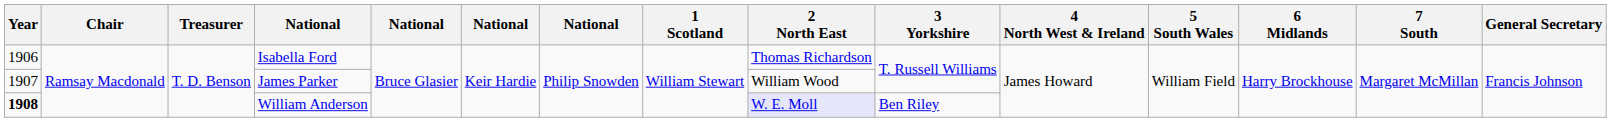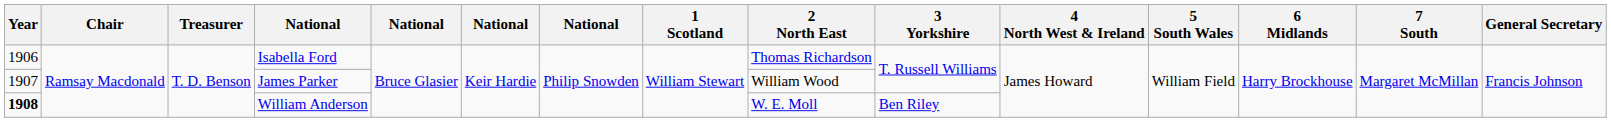 <table class="wikitable">
 <tr>
 <th>Year</th>
 <th>Chair</th>
 <th>Treasurer</th>
 <th>National</th>
 <th>National</th>
 <th>National</th>
 <th>National</th>
 <th>1<br>Scotland</th>
 <th>2<br>North East</th>
 <th>3<br>Yorkshire</th>
 <th>4<br>North West & Ireland</th>
 <th>5<br>South Wales</th>
 <th>6<br>Midlands</th>
 <th>7<br>South</th>
 <th>General Secretary</th>
 </tr>
 <tr>
 <td>1906</td>
 <td rowspan=3><a href='#'>Ramsay Macdonald</a></td>
 <td rowspan=3><a href='#'>T. D. Benson</a></td>
 <td><a href='#'>Isabella Ford</a></td>
 <td rowspan=3><a href='#'>Bruce Glasier</a></td>
 <td rowspan=3><a href='#'>Keir Hardie</a></td>
 <td rowspan=3><a href='#'>Philip Snowden</a></td>
 <td rowspan=3><a href='#'>William Stewart</a></td>
 <td><a href='#'>Thomas Richardson</a></td>
 <td rowspan=2><a href='#'>T. Russell Williams</a></td>
 <td rowspan=3>James Howard</td>
 <td rowspan=3>William Field</td>
 <td rowspan=3><a href='#'>Harry Brockhouse</a></td>
 <td rowspan=3><a href='#'>Margaret McMillan</a></td>
 <td rowspan=3><a href='#'>Francis Johnson</a></td>
 </tr>
 <tr>
 <td>1907</td>
 <td><a href='#'>James Parker</a></td>
 <td>William Wood</td>
 </tr>
 <tr>
 <td><strong>1908</strong></td>
 <td><a href='#'>William Anderson</a></td>
-<td style="background: lavender;"><a href='#'>W. E. Moll</a></td>
+<td><a href='#'>W. E. Moll</a></td>
 <td><a href='#'>Ben Riley</a></td>
 </tr>
 </table>
